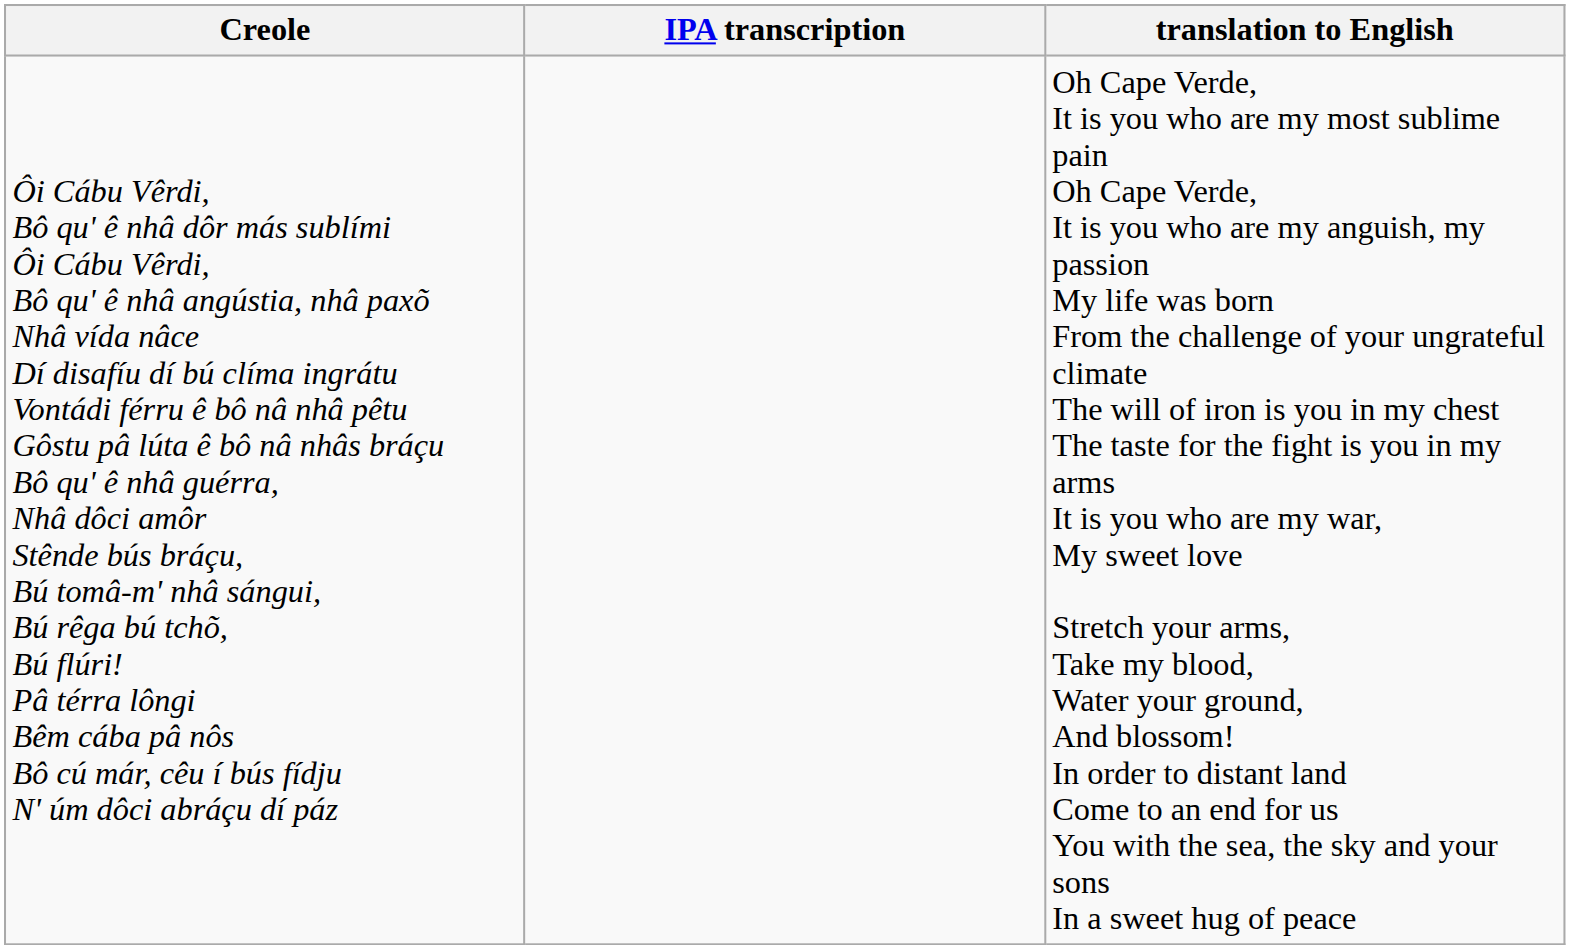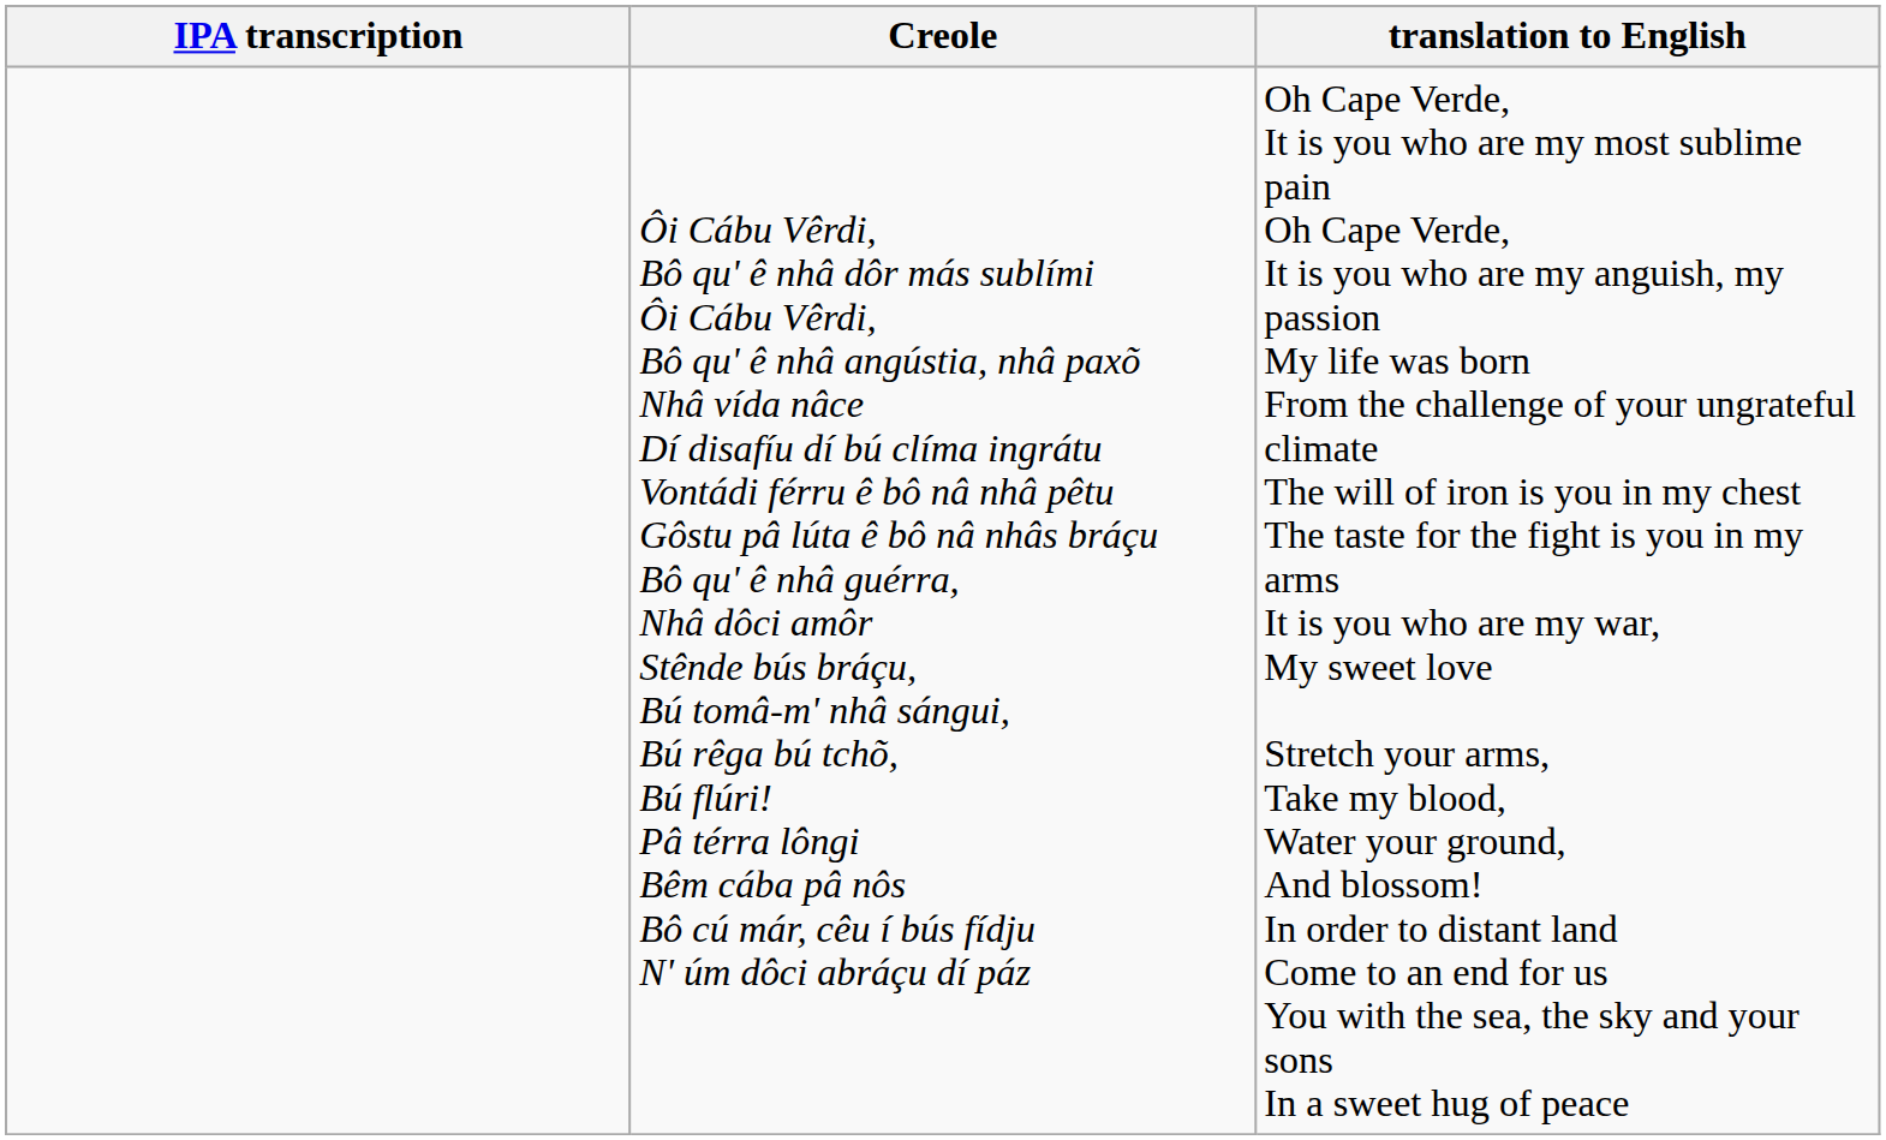 <table class="wikitable">
 <tr>
+<th width="250"><a href='#'>IPA</a> transcription</th>
 <th width="250">Creole</th>
-<th width="250"><a href='#'>IPA</a> transcription</th>
 <th width="250">translation to English</th>
 </tr>
 <tr>
+<td></td>
 <td><em>Ôi Cábu Vêrdi, <br>Bô qu' ê nhâ dôr más sublími <br>Ôi Cábu Vêrdi, <br>Bô qu' ê nhâ angústia, nhâ paxõ <br>Nhâ vída nâce <br>Dí disafíu dí bú clíma ingrátu <br>Vontádi férru ê bô nâ nhâ pêtu <br>Gôstu pâ lúta ê bô nâ nhâs bráçu <br>Bô qu' ê nhâ guérra, <br>Nhâ dôci amôr</em><br><em>Stênde bús bráçu, <br>Bú tomâ-m' nhâ sángui, <br>Bú rêga bú tchõ, <br>Bú flúri! <br>Pâ térra lôngi <br>Bêm cába pâ nôs <br>Bô cú már, cêu í bús fídju <br>N' úm dôci abráçu dí páz</em></td>
-<td></td>
 <td>Oh Cape Verde,<br>It is you who are my most sublime pain<br>Oh Cape Verde,<br>It is you who are my anguish, my passion<br>My life was born<br>From the challenge of your ungrateful climate<br>The will of iron is you in my chest<br>The taste for the fight is you in my arms<br>It is you who are my war,<br>My sweet love<br><br>Stretch your arms,<br>Take my blood,<br>Water your ground,<br>And blossom! <br>In order to distant land<br>Come to an end for us<br>You with the sea, the sky and your sons<br>In a sweet hug of peace</td>
 </tr>
 </table>
